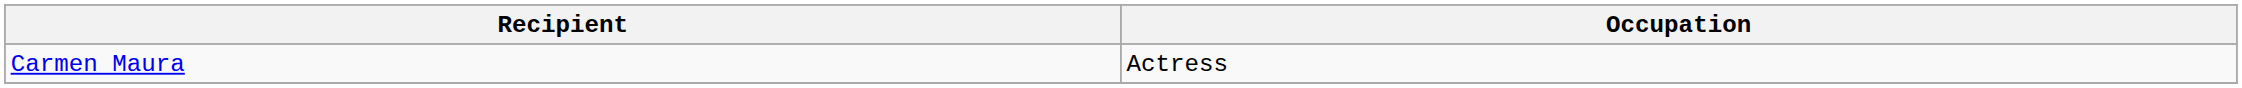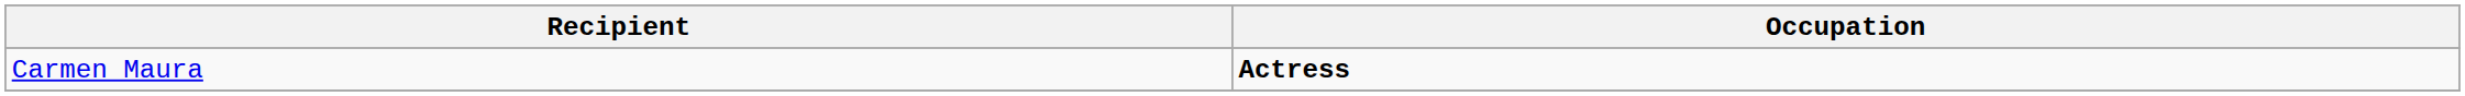 <table class="wikitable" width="95%" cellpadding="5">
 <tr>
 <th width="25%">Recipient</th>
 <th width="25%">Occupation</th>
 </tr>
 <tr>
 <td> <a href='#'>Carmen Maura</a></td>
-<td>Actress</td>
+<td><strong>Actress</strong></td>
 </tr>
 <tr>
 </tr>
 </table>
